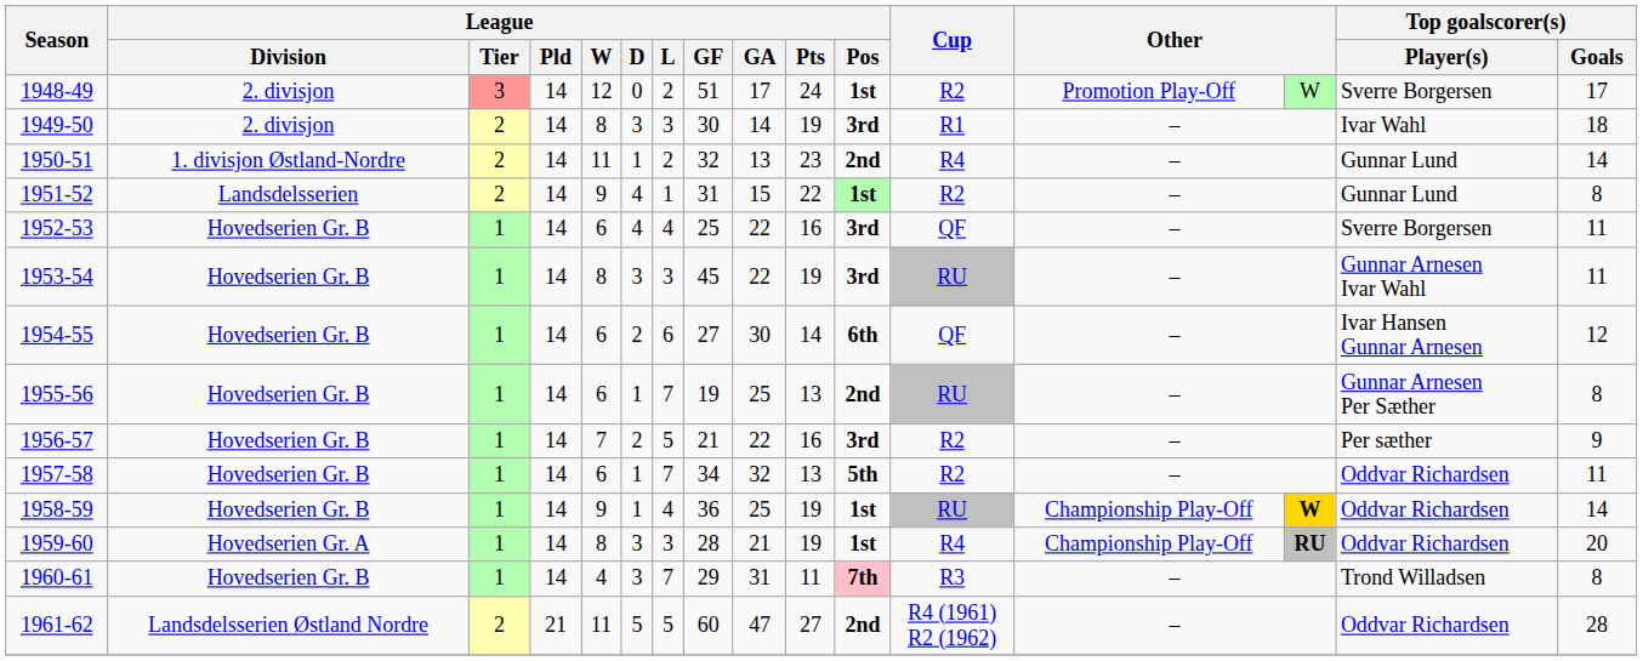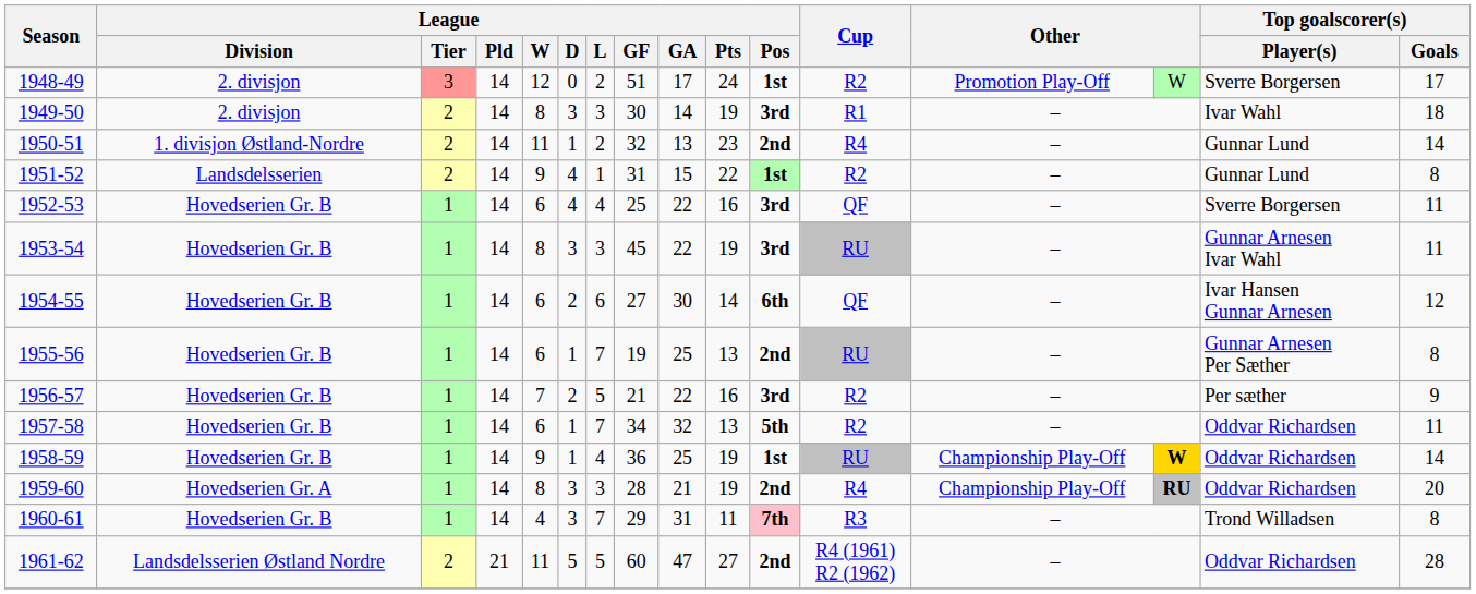 <table class="wikitable" style="text-align: center" width="95%">
 <tr>
 <th rowspan=2>Season</th>
 <th colspan="10">League</th>
 <th rowspan="2"><a href='#'>Cup</a></th>
 <th colspan="2" rowspan="2">Other</th>
 <th colspan=2>Top goalscorer(s)</th>
 </tr>
 <tr>
 <th>Division</th>
 <th>Tier</th>
 <th>Pld</th>
 <th>W</th>
 <th>D</th>
 <th>L</th>
 <th>GF</th>
 <th>GA</th>
 <th>Pts</th>
 <th>Pos</th>
 <th>Player(s)</th>
 <th>Goals</th>
 </tr>
 <tr>
 <td><a href='#'>1948-49</a></td>
 <td><a href='#'>2. divisjon</a></td>
 <td bgcolor="#ff9595">3</td>
 <td>14</td>
 <td>12</td>
 <td>0</td>
 <td>2</td>
 <td>51</td>
 <td>17</td>
 <td>24</td>
 <td><strong>1st</strong></td>
 <td><a href='#'>R2</a></td>
 <td><a href='#'>Promotion Play-Off</a></td>
 <td bgcolor="#b2ffb2">W</td>
 <td align=left> Sverre Borgersen</td>
 <td>17</td>
 </tr>
 <tr>
 <td><a href='#'>1949-50</a></td>
 <td><a href='#'>2. divisjon</a></td>
 <td bgcolor="#ffffb2">2</td>
 <td>14</td>
 <td>8</td>
 <td>3</td>
 <td>3</td>
 <td>30</td>
 <td>14</td>
 <td>19</td>
 <td><strong>3rd</strong></td>
 <td><a href='#'>R1</a></td>
 <td colspan="2">–</td>
 <td align=left> Ivar Wahl</td>
 <td>18</td>
 </tr>
 <tr>
 <td><a href='#'>1950-51</a></td>
 <td><a href='#'>1. divisjon Østland-Nordre</a></td>
 <td bgcolor="#ffffb2">2</td>
 <td>14</td>
 <td>11</td>
 <td>1</td>
 <td>2</td>
 <td>32</td>
 <td>13</td>
 <td>23</td>
 <td><strong>2nd</strong></td>
 <td><a href='#'>R4</a></td>
 <td colspan="2">–</td>
 <td align=left> Gunnar Lund</td>
 <td>14</td>
 </tr>
 <tr>
 <td><a href='#'>1951-52</a></td>
 <td><a href='#'>Landsdelsserien</a></td>
 <td bgcolor="#ffffb2">2</td>
 <td>14</td>
 <td>9</td>
 <td>4</td>
 <td>1</td>
 <td>31</td>
 <td>15</td>
 <td>22</td>
 <td bgcolor="#b2ffb2"><strong>1st</strong></td>
 <td><a href='#'>R2</a></td>
 <td colspan="2">–</td>
 <td align=left> Gunnar Lund</td>
 <td>8</td>
 </tr>
 <tr>
 <td><a href='#'>1952-53</a></td>
 <td><a href='#'>Hovedserien Gr. B</a></td>
 <td bgcolor="#b2ffb2">1</td>
 <td>14</td>
 <td>6</td>
 <td>4</td>
 <td>4</td>
 <td>25</td>
 <td>22</td>
 <td>16</td>
 <td><strong>3rd</strong></td>
 <td><a href='#'>QF</a></td>
 <td colspan="2">–</td>
 <td align=left> Sverre Borgersen</td>
 <td>11</td>
 </tr>
 <tr>
 <td><a href='#'>1953-54</a></td>
 <td><a href='#'>Hovedserien Gr. B</a></td>
 <td bgcolor="#b2ffb2">1</td>
 <td>14</td>
 <td>8</td>
 <td>3</td>
 <td>3</td>
 <td>45</td>
 <td>22</td>
 <td>19</td>
 <td><strong>3rd</strong></td>
 <td bgcolor=silver><a href='#'>RU</a></td>
 <td colspan="2">–</td>
 <td align="left"> <a href='#'>Gunnar Arnesen</a> <br> Ivar Wahl</td>
 <td>11</td>
 </tr>
 <tr>
 <td><a href='#'>1954-55</a></td>
 <td><a href='#'>Hovedserien Gr. B</a></td>
 <td bgcolor="#b2ffb2">1</td>
 <td>14</td>
 <td>6</td>
 <td>2</td>
 <td>6</td>
 <td>27</td>
 <td>30</td>
 <td>14</td>
 <td><strong>6th</strong></td>
 <td><a href='#'>QF</a></td>
 <td colspan="2">–</td>
 <td align="left"> Ivar Hansen<br> <a href='#'>Gunnar Arnesen</a></td>
 <td>12</td>
 </tr>
 <tr>
 <td><a href='#'>1955-56</a></td>
 <td><a href='#'>Hovedserien Gr. B</a></td>
 <td bgcolor="#b2ffb2">1</td>
 <td>14</td>
 <td>6</td>
 <td>1</td>
 <td>7</td>
 <td>19</td>
 <td>25</td>
 <td>13</td>
 <td><strong>2nd</strong></td>
 <td bgcolor=silver><a href='#'>RU</a></td>
 <td colspan="2">–</td>
 <td align="left"> <a href='#'>Gunnar Arnesen</a> <br> Per Sæther</td>
 <td>8</td>
 </tr>
 <tr>
 <td><a href='#'>1956-57</a></td>
 <td><a href='#'>Hovedserien Gr. B</a></td>
 <td bgcolor="#b2ffb2">1</td>
 <td>14</td>
 <td>7</td>
 <td>2</td>
 <td>5</td>
 <td>21</td>
 <td>22</td>
 <td>16</td>
 <td><strong>3rd</strong></td>
 <td><a href='#'>R2</a></td>
 <td colspan="2">–</td>
 <td align=left> Per sæther</td>
 <td>9</td>
 </tr>
 <tr>
 <td><a href='#'>1957-58</a></td>
 <td><a href='#'>Hovedserien Gr. B</a></td>
 <td bgcolor="#b2ffb2">1</td>
 <td>14</td>
 <td>6</td>
 <td>1</td>
 <td>7</td>
 <td>34</td>
 <td>32</td>
 <td>13</td>
 <td><strong>5th</strong></td>
 <td><a href='#'>R2</a></td>
 <td colspan="2">–</td>
 <td align=left> <a href='#'>Oddvar Richardsen</a></td>
 <td>11</td>
 </tr>
 <tr>
 <td><a href='#'>1958-59</a></td>
 <td><a href='#'>Hovedserien Gr. B</a></td>
 <td bgcolor="#b2ffb2">1</td>
 <td>14</td>
 <td>9</td>
 <td>1</td>
 <td>4</td>
 <td>36</td>
 <td>25</td>
 <td>19</td>
 <td><strong>1st</strong></td>
 <td bgcolor=silver><a href='#'>RU</a></td>
 <td><a href='#'>Championship Play-Off</a></td>
 <td bgcolor=gold><strong>W</strong></td>
 <td align=left> <a href='#'>Oddvar Richardsen</a></td>
 <td>14</td>
 </tr>
 <tr>
 <td><a href='#'>1959-60</a></td>
 <td><a href='#'>Hovedserien Gr. A</a></td>
 <td bgcolor="#b2ffb2">1</td>
 <td>14</td>
 <td>8</td>
 <td>3</td>
 <td>3</td>
 <td>28</td>
 <td>21</td>
 <td>19</td>
-<td><strong>1st</strong></td>
+<td><strong>2nd</strong></td>
 <td><a href='#'>R4</a></td>
 <td><a href='#'>Championship Play-Off</a></td>
 <td bgcolor=silver><strong>RU</strong></td>
 <td align=left> <a href='#'>Oddvar Richardsen</a></td>
 <td>20</td>
 </tr>
 <tr>
 <td><a href='#'>1960-61</a></td>
 <td><a href='#'>Hovedserien Gr. B</a></td>
 <td bgcolor="#b2ffb2">1</td>
 <td>14</td>
 <td>4</td>
 <td>3</td>
 <td>7</td>
 <td>29</td>
 <td>31</td>
 <td>11</td>
 <td bgcolor="pink"><strong>7th</strong></td>
 <td><a href='#'>R3</a></td>
 <td colspan="2">–</td>
 <td align="left"> Trond Willadsen</td>
 <td>8</td>
 </tr>
 <tr>
 <td><a href='#'>1961-62</a></td>
 <td><a href='#'>Landsdelsserien Østland Nordre</a></td>
 <td bgcolor="#ffffb2">2</td>
 <td>21</td>
 <td>11</td>
 <td>5</td>
 <td>5</td>
 <td>60</td>
 <td>47</td>
 <td>27</td>
 <td><strong>2nd</strong></td>
 <td><a href='#'>R4 (1961)</a><br><a href='#'>R2 (1962)</a></td>
 <td colspan="2">–</td>
 <td align=left> <a href='#'>Oddvar Richardsen</a></td>
 <td>28</td>
 </tr>
 <tr>
 </tr>
 </table>
